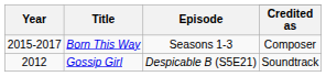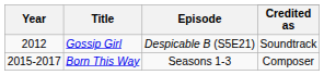 <table class="wikitable" style="text-align:center; margin-center:auto; margin-center:auto">
 <tr>
 <th rowspan="2">Year</th>
 <th rowspan="2">Title</th>
 <th rowspan="2">Episode</th>
 </tr>
 <tr>
 <th width=65>Credited as</th>
 </tr>
 <tr>
+<td>2012</td>
+<td style="text-align:left;"><em><a href='#'>Gossip Girl</a></em></td>
+<td><em>Despicable B</em> (S5E21)</td>
+<td>Soundtrack</td>
+</tr>
+<tr>
 <td>2015-2017</td>
 <td style="text-align:left;"><em><a href='#'>Born This Way</a></em></td>
 <td>Seasons 1-3</td>
 <td>Composer</td>
 </tr>
-<tr>
-<td>2012</td>
-<td style="text-align:left;"><em><a href='#'>Gossip Girl</a></em></td>
-<td><em>Despicable B</em> (S5E21)</td>
-<td>Soundtrack</td>
-</tr>
 </table>
